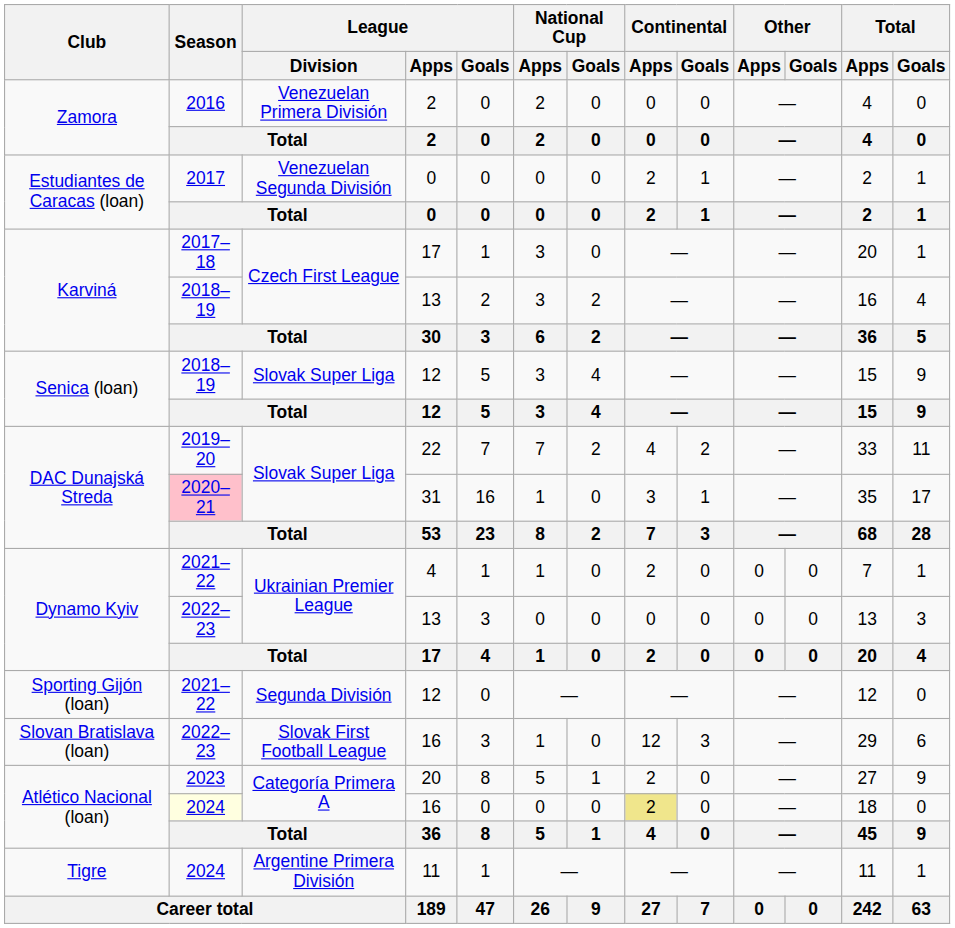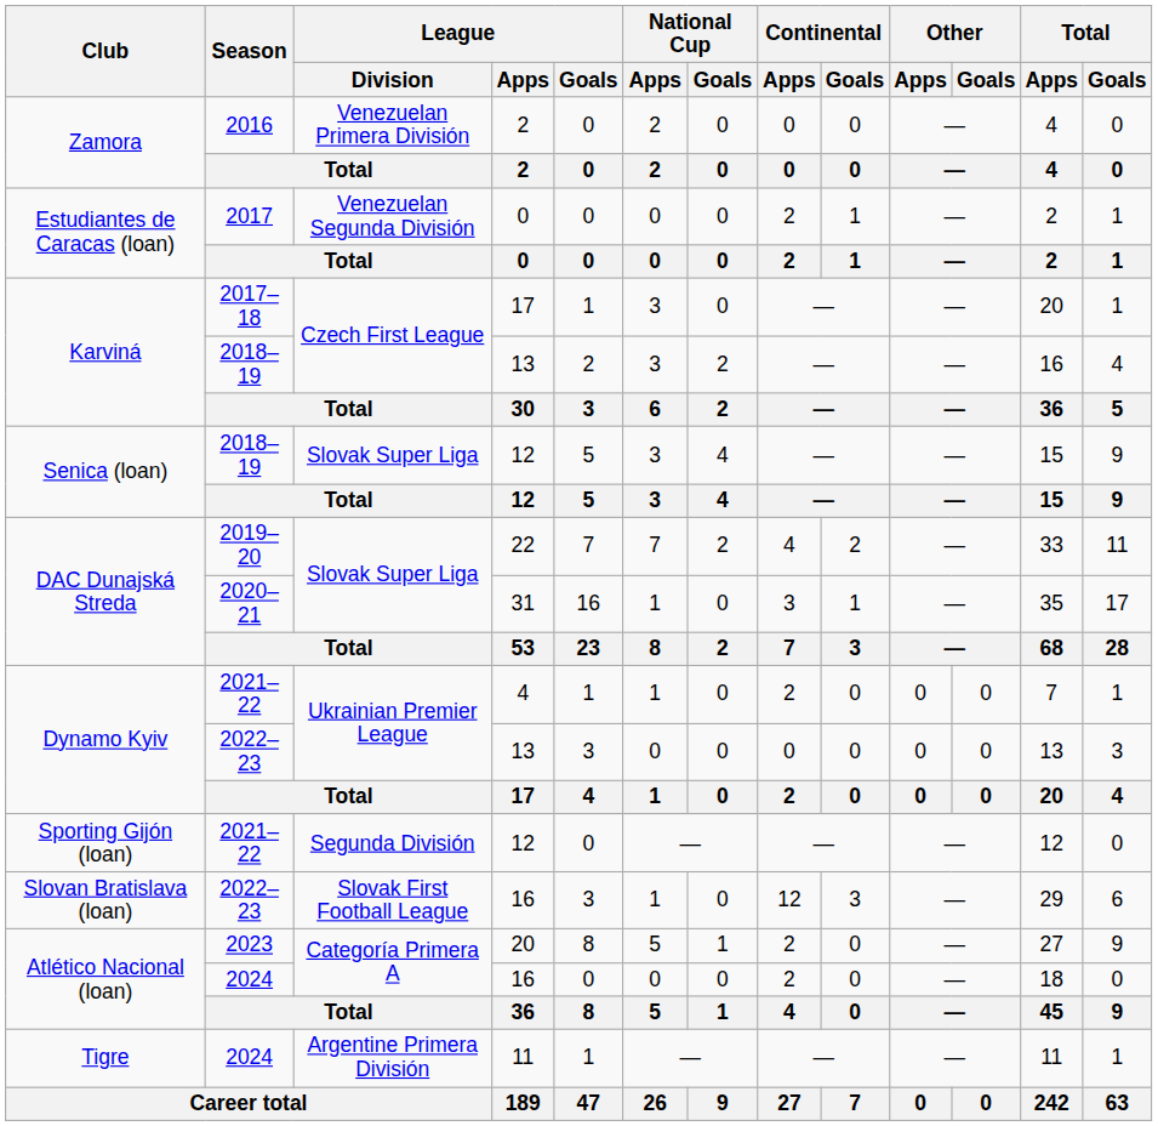 <table class="wikitable" style="text-align: center">
 <tr>
 <th rowspan="2">Club</th>
 <th rowspan="2">Season</th>
 <th colspan="3">League</th>
 <th colspan="2">National Cup</th>
 <th colspan="2">Continental</th>
 <th colspan="2">Other</th>
 <th colspan="2">Total</th>
 </tr>
 <tr>
 <th>Division</th>
 <th>Apps</th>
 <th>Goals</th>
 <th>Apps</th>
 <th>Goals</th>
 <th>Apps</th>
 <th>Goals</th>
 <th>Apps</th>
 <th>Goals</th>
 <th>Apps</th>
 <th>Goals</th>
 </tr>
 <tr>
 <td rowspan="2"><a href='#'>Zamora</a></td>
 <td><a href='#'>2016</a></td>
 <td rowspan="1"><a href='#'>Venezuelan Primera División</a></td>
 <td>2</td>
 <td>0</td>
 <td>2</td>
 <td>0</td>
 <td>0</td>
 <td>0</td>
 <td colspan="2">—</td>
 <td>4</td>
 <td>0</td>
 </tr>
 <tr>
 <th colspan="2">Total</th>
 <th>2</th>
 <th>0</th>
 <th>2</th>
 <th>0</th>
 <th>0</th>
 <th>0</th>
 <th colspan="2">—</th>
 <th>4</th>
 <th>0</th>
 </tr>
 <tr>
 <td rowspan="2"><a href='#'>Estudiantes de Caracas</a> (loan)</td>
 <td><a href='#'>2017</a></td>
 <td rowspan="1"><a href='#'>Venezuelan Segunda División</a></td>
 <td>0</td>
 <td>0</td>
 <td>0</td>
 <td>0</td>
 <td>2</td>
 <td>1</td>
 <td colspan="2">—</td>
 <td>2</td>
 <td>1</td>
 </tr>
 <tr>
 <th colspan="2">Total</th>
 <th>0</th>
 <th>0</th>
 <th>0</th>
 <th>0</th>
 <th>2</th>
 <th>1</th>
 <th colspan="2">—</th>
 <th>2</th>
 <th>1</th>
 </tr>
 <tr>
 <td rowspan="3"><a href='#'>Karviná</a></td>
 <td><a href='#'>2017–18</a></td>
 <td rowspan="2"><a href='#'>Czech First League</a></td>
 <td>17</td>
 <td>1</td>
 <td>3</td>
 <td>0</td>
 <td colspan="2">—</td>
 <td colspan="2">—</td>
 <td>20</td>
 <td>1</td>
 </tr>
 <tr>
 <td><a href='#'>2018–19</a></td>
 <td>13</td>
 <td>2</td>
 <td>3</td>
 <td>2</td>
 <td colspan="2">—</td>
 <td colspan="2">—</td>
 <td>16</td>
 <td>4</td>
 </tr>
 <tr>
 <th colspan="2">Total</th>
 <th>30</th>
 <th>3</th>
 <th>6</th>
 <th>2</th>
 <th colspan="2">—</th>
 <th colspan="2">—</th>
 <th>36</th>
 <th>5</th>
 </tr>
 <tr>
 <td rowspan="2"><a href='#'>Senica</a> (loan)</td>
 <td><a href='#'>2018–19</a></td>
 <td rowspan="1"><a href='#'>Slovak Super Liga</a></td>
 <td>12</td>
 <td>5</td>
 <td>3</td>
 <td>4</td>
 <td colspan="2">—</td>
 <td colspan="2">—</td>
 <td>15</td>
 <td>9</td>
 </tr>
 <tr>
 <th colspan="2">Total</th>
 <th>12</th>
 <th>5</th>
 <th>3</th>
 <th>4</th>
 <th colspan="2">—</th>
 <th colspan="2">—</th>
 <th>15</th>
 <th>9</th>
 </tr>
 <tr>
 <td rowspan="3"><a href='#'>DAC Dunajská Streda</a></td>
 <td><a href='#'>2019–20</a></td>
 <td rowspan="2"><a href='#'>Slovak Super Liga</a></td>
 <td>22</td>
 <td>7</td>
 <td>7</td>
 <td>2</td>
 <td>4</td>
 <td>2</td>
 <td colspan="2">—</td>
 <td>33</td>
 <td>11</td>
 </tr>
 <tr>
-<td style="background: pink;"><a href='#'>2020–21</a></td>
+<td><a href='#'>2020–21</a></td>
 <td>31</td>
 <td>16</td>
 <td>1</td>
 <td>0</td>
 <td>3</td>
 <td>1</td>
 <td colspan="2">—</td>
 <td>35</td>
 <td>17</td>
 </tr>
 <tr>
 <th colspan="2">Total</th>
 <th>53</th>
 <th>23</th>
 <th>8</th>
 <th>2</th>
 <th>7</th>
 <th>3</th>
 <th colspan="2">—</th>
 <th>68</th>
 <th>28</th>
 </tr>
 <tr>
 <td rowspan="3"><a href='#'>Dynamo Kyiv</a></td>
 <td><a href='#'>2021–22</a></td>
 <td rowspan="2"><a href='#'>Ukrainian Premier League</a></td>
 <td>4</td>
 <td>1</td>
 <td>1</td>
 <td>0</td>
 <td>2</td>
 <td>0</td>
 <td>0</td>
 <td>0</td>
 <td>7</td>
 <td>1</td>
 </tr>
 <tr>
 <td><a href='#'>2022–23</a></td>
 <td>13</td>
 <td>3</td>
 <td>0</td>
 <td>0</td>
 <td>0</td>
 <td>0</td>
 <td>0</td>
 <td>0</td>
 <td>13</td>
 <td>3</td>
 </tr>
 <tr>
 <th colspan="2">Total</th>
 <th>17</th>
 <th>4</th>
 <th>1</th>
 <th>0</th>
 <th>2</th>
 <th>0</th>
 <th>0</th>
 <th>0</th>
 <th>20</th>
 <th>4</th>
 </tr>
 <tr>
 <td><a href='#'>Sporting Gijón</a> (loan)</td>
 <td><a href='#'>2021–22</a></td>
 <td><a href='#'>Segunda División</a></td>
 <td>12</td>
 <td>0</td>
 <td colspan="2">—</td>
 <td colspan="2">—</td>
 <td colspan="2">—</td>
 <td>12</td>
 <td>0</td>
 </tr>
 <tr>
 <td><a href='#'>Slovan Bratislava</a> (loan)</td>
 <td><a href='#'>2022–23</a></td>
 <td><a href='#'>Slovak First Football League</a></td>
 <td>16</td>
 <td>3</td>
 <td>1</td>
 <td>0</td>
 <td>12</td>
 <td>3</td>
 <td colspan="2">—</td>
 <td>29</td>
 <td>6</td>
 </tr>
 <tr>
 <td rowspan="3"><a href='#'>Atlético Nacional</a> (loan)</td>
 <td><a href='#'>2023</a></td>
 <td rowspan="2"><a href='#'>Categoría Primera A</a></td>
 <td>20</td>
 <td>8</td>
 <td>5</td>
 <td>1</td>
 <td>2</td>
 <td>0</td>
 <td colspan="2">—</td>
 <td>27</td>
 <td>9</td>
 </tr>
 <tr>
-<td style="background: lightyellow;"><a href='#'>2024</a></td>
+<td><a href='#'>2024</a></td>
 <td>16</td>
 <td>0</td>
 <td>0</td>
 <td>0</td>
-<td style="background: khaki;">2</td>
+<td>2</td>
 <td>0</td>
 <td colspan="2">—</td>
 <td>18</td>
 <td>0</td>
 </tr>
 <tr>
 <th colspan="2">Total</th>
 <th>36</th>
 <th>8</th>
 <th>5</th>
 <th>1</th>
 <th>4</th>
 <th>0</th>
 <th colspan="2">—</th>
 <th>45</th>
 <th>9</th>
 </tr>
 <tr>
 <td><a href='#'>Tigre</a></td>
 <td><a href='#'>2024</a></td>
 <td><a href='#'>Argentine Primera División</a></td>
 <td>11</td>
 <td>1</td>
 <td colspan="2">—</td>
 <td colspan="2">—</td>
 <td colspan="2">—</td>
 <td>11</td>
 <td>1</td>
 </tr>
 <tr>
 <th colspan="3">Career total</th>
 <th>189</th>
 <th>47</th>
 <th>26</th>
 <th>9</th>
 <th>27</th>
 <th>7</th>
 <th>0</th>
 <th>0</th>
 <th>242</th>
 <th>63</th>
 </tr>
 </table>
